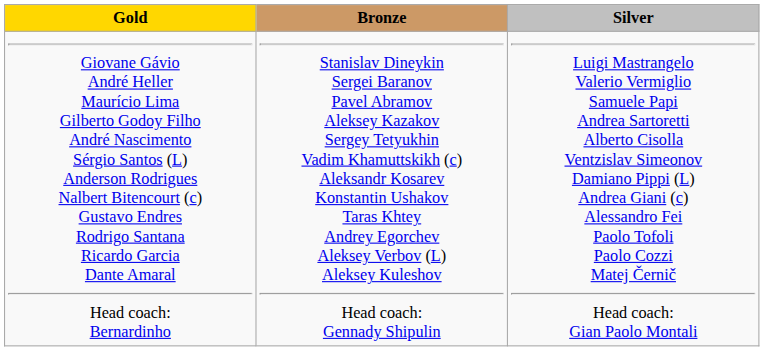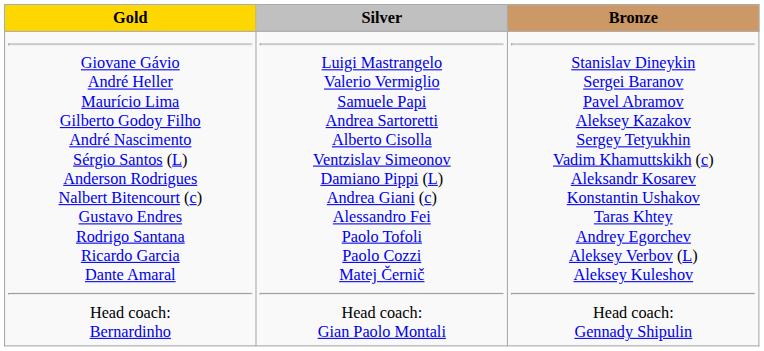 <table class="wikitable" style="text-align:center; font-size:95%;">
 <tr>
 <td style="width:15em; background:gold"><strong>Gold</strong></td>
+<td style="width:15em; background:silver"><strong>Silver</strong></td>
 <td style="width:15em; background:#cc9966"><strong>Bronze</strong></td>
-<td style="width:15em; background:silver"><strong>Silver</strong></td>
 </tr>
 <tr>
 <td><hr><a href='#'>Giovane Gávio</a><br><a href='#'>André Heller</a><br><a href='#'>Maurício Lima</a><br><a href='#'>Gilberto Godoy Filho</a><br><a href='#'>André Nascimento</a><br><a href='#'>Sérgio Santos</a> (<a href='#'>L</a>)<br><a href='#'>Anderson Rodrigues</a><br><a href='#'>Nalbert Bitencourt</a> (<a href='#'>c</a>)<br><a href='#'>Gustavo Endres</a><br><a href='#'>Rodrigo Santana</a><br><a href='#'>Ricardo Garcia</a><br><a href='#'>Dante Amaral</a><br><hr>Head coach:<br><a href='#'>Bernardinho</a></td>
+<td><hr><a href='#'>Luigi Mastrangelo</a><br><a href='#'>Valerio Vermiglio</a><br><a href='#'>Samuele Papi</a><br><a href='#'>Andrea Sartoretti</a><br><a href='#'>Alberto Cisolla</a><br><a href='#'>Ventzislav Simeonov</a><br><a href='#'>Damiano Pippi</a> (<a href='#'>L</a>)<br><a href='#'>Andrea Giani</a> (<a href='#'>c</a>)<br><a href='#'>Alessandro Fei</a><br><a href='#'>Paolo Tofoli</a><br><a href='#'>Paolo Cozzi</a><br><a href='#'>Matej Černič</a><br><hr>Head coach:<br><a href='#'>Gian Paolo Montali</a></td>
 <td><hr><a href='#'>Stanislav Dineykin</a><br><a href='#'>Sergei Baranov</a><br><a href='#'>Pavel Abramov</a><br><a href='#'>Aleksey Kazakov</a><br><a href='#'>Sergey Tetyukhin</a><br><a href='#'>Vadim Khamuttskikh</a> (<a href='#'>c</a>)<br><a href='#'>Aleksandr Kosarev</a><br><a href='#'>Konstantin Ushakov</a><br><a href='#'>Taras Khtey</a><br><a href='#'>Andrey Egorchev</a><br><a href='#'>Aleksey Verbov</a> (<a href='#'>L</a>)<br><a href='#'>Aleksey Kuleshov</a><br><hr>Head coach:<br><a href='#'>Gennady Shipulin</a></td>
-<td><hr><a href='#'>Luigi Mastrangelo</a><br><a href='#'>Valerio Vermiglio</a><br><a href='#'>Samuele Papi</a><br><a href='#'>Andrea Sartoretti</a><br><a href='#'>Alberto Cisolla</a><br><a href='#'>Ventzislav Simeonov</a><br><a href='#'>Damiano Pippi</a> (<a href='#'>L</a>)<br><a href='#'>Andrea Giani</a> (<a href='#'>c</a>)<br><a href='#'>Alessandro Fei</a><br><a href='#'>Paolo Tofoli</a><br><a href='#'>Paolo Cozzi</a><br><a href='#'>Matej Černič</a><br><hr>Head coach:<br><a href='#'>Gian Paolo Montali</a></td>
 </tr>
 </table>
